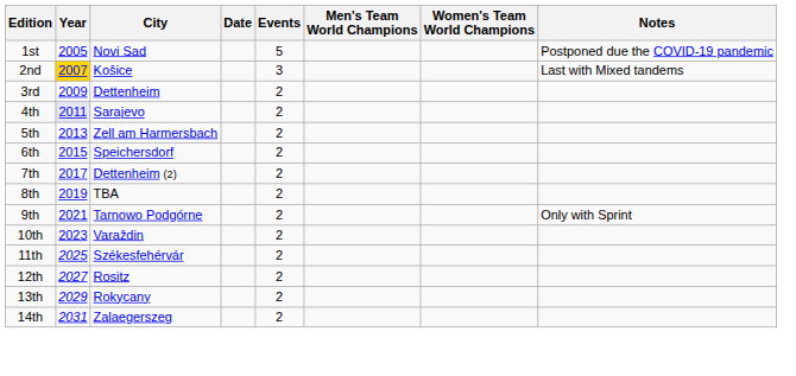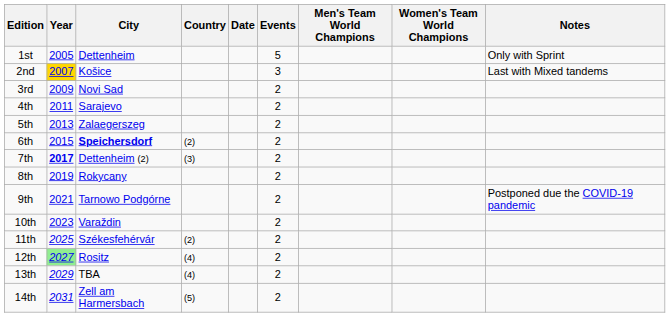 <table class="wikitable sortable" style="text-align:left; font-size:90%;">
 <tr>
 <th>Edition</th>
 <th>Year</th>
 <th>City</th>
+<th>Country</th>
 <th>Date</th>
 <th>Events</th>
 <th>Men's Team<br>World Champions</th>
 <th>Women's Team<br>World Champions</th>
 <th>Notes</th>
 </tr>
 <tr>
 <td align=center>1st</td>
 <td align=center><a href='#'>2005</a></td>
-<td><a href='#'>Novi Sad</a></td>
+<td><a href='#'>Dettenheim</a></td>
+<td></td>
 <td align=center></td>
 <td align=center>5</td>
 <td></td>
 <td></td>
-<td>Postponed due the <a href='#'>COVID-19 pandemic</a></td>
+<td>Only with Sprint</td>
 </tr>
 <tr>
 <td align=center>2nd</td>
 <td align=center style="background: gold;"><a href='#'>2007</a></td>
 <td><a href='#'>Košice</a></td>
+<td></td>
 <td align=center></td>
 <td align=center>3</td>
 <td></td>
 <td></td>
 <td>Last with Mixed tandems</td>
 </tr>
 <tr>
 <td align=center>3rd</td>
 <td align=center><a href='#'>2009</a></td>
-<td><a href='#'>Dettenheim</a></td>
+<td><a href='#'>Novi Sad</a></td>
+<td></td>
 <td align=center></td>
 <td align=center>2</td>
 <td></td>
 <td></td>
 <td></td>
 </tr>
 <tr>
 <td align=center>4th</td>
-<td align=center style="background: lavender;"><a href='#'>2011</a></td>
+<td align=center><a href='#'>2011</a></td>
 <td><a href='#'>Sarajevo</a></td>
+<td></td>
 <td align=center></td>
 <td align=center>2</td>
 <td></td>
 <td></td>
 <td></td>
 </tr>
 <tr>
 <td align=center>5th</td>
 <td align=center><a href='#'>2013</a></td>
-<td><a href='#'>Zell am Harmersbach</a></td>
+<td><a href='#'>Zalaegerszeg</a></td>
+<td></td>
 <td align=center></td>
 <td align=center>2</td>
 <td></td>
 <td></td>
 <td></td>
 </tr>
 <tr>
 <td align=center>6th</td>
 <td align=center><a href='#'>2015</a></td>
-<td><a href='#'>Speichersdorf</a></td>
+<td><strong><a href='#'>Speichersdorf</a></strong></td>
+<td> <small>(2)</small></td>
 <td align=center></td>
 <td align=center>2</td>
 <td></td>
 <td></td>
 <td></td>
 </tr>
 <tr>
 <td align=center>7th</td>
-<td align=center><a href='#'>2017</a></td>
+<td align=center><strong><a href='#'>2017</a></strong></td>
 <td><a href='#'>Dettenheim</a> <small>(2)</small></td>
+<td> <small>(3)</small></td>
 <td align=center></td>
 <td align=center>2</td>
 <td></td>
 <td></td>
 <td></td>
 </tr>
 <tr>
 <td align=center>8th</td>
 <td align=center><a href='#'>2019</a></td>
-<td>TBA</td>
+<td><a href='#'>Rokycany</a></td>
+<td></td>
 <td align=center></td>
 <td align=center>2</td>
 <td></td>
 <td></td>
 <td></td>
 </tr>
 <tr>
 <td align=center>9th</td>
 <td align=center><a href='#'>2021</a></td>
 <td><a href='#'>Tarnowo Podgórne</a></td>
+<td></td>
 <td align=center></td>
 <td align=center>2</td>
 <td></td>
 <td></td>
-<td>Only with Sprint</td>
+<td>Postponed due the <a href='#'>COVID-19 pandemic</a></td>
 </tr>
 <tr>
 <td align=center>10th</td>
 <td align=center><a href='#'>2023</a></td>
 <td><a href='#'>Varaždin</a></td>
+<td></td>
 <td align=center></td>
 <td align=center>2</td>
 <td></td>
 <td></td>
 <td></td>
 </tr>
 <tr>
 <td align=center>11th</td>
 <td align=center><em><a href='#'>2025</a></em></td>
 <td><a href='#'>Székesfehérvár</a></td>
+<td> <small>(2)</small></td>
 <td align=center></td>
 <td align=center>2</td>
 <td></td>
 <td></td>
 <td></td>
 </tr>
 <tr>
 <td align=center>12th</td>
-<td align=center><em><a href='#'>2027</a></em></td>
+<td align=center style="background: lightgreen;"><em><a href='#'>2027</a></em></td>
 <td><a href='#'>Rositz</a></td>
+<td> <small>(4)</small></td>
 <td align=center></td>
 <td align=center>2</td>
 <td></td>
 <td></td>
 <td></td>
 </tr>
 <tr>
 <td align=center>13th</td>
 <td align=center><em><a href='#'>2029</a></em></td>
-<td><a href='#'>Rokycany</a></td>
+<td>TBA</td>
+<td> <small>(4)</small></td>
 <td align=center></td>
 <td align=center>2</td>
 <td></td>
 <td></td>
 <td></td>
 </tr>
 <tr>
 <td align=center>14th</td>
 <td align=center><em><a href='#'>2031</a></em></td>
-<td><a href='#'>Zalaegerszeg</a></td>
+<td><a href='#'>Zell am Harmersbach</a></td>
+<td> <small>(5)</small></td>
 <td align=center></td>
 <td align=center>2</td>
 <td></td>
 <td></td>
 <td></td>
 </tr>
 </table>
